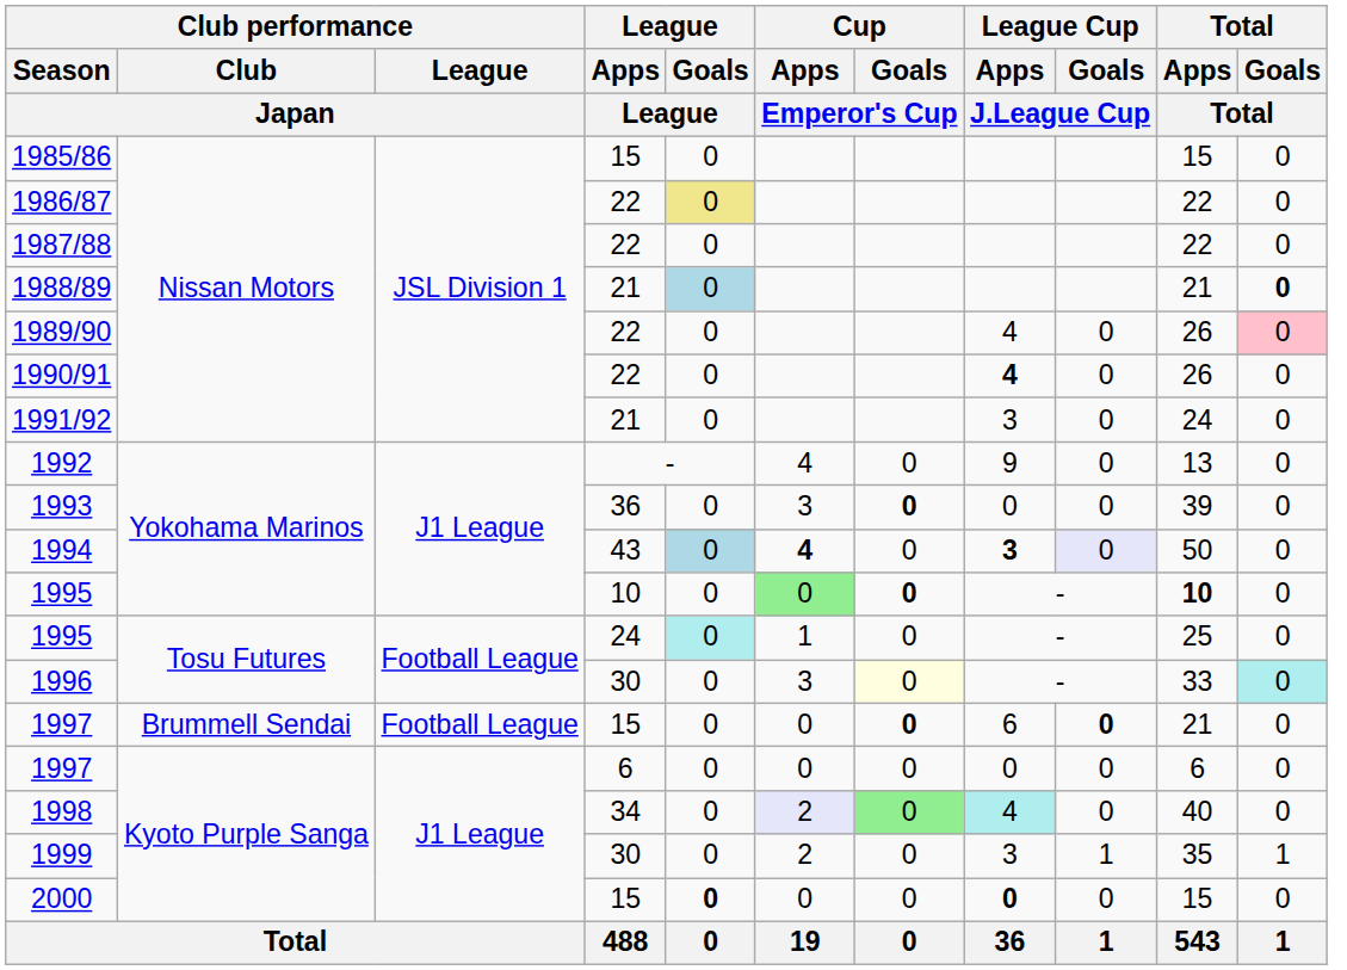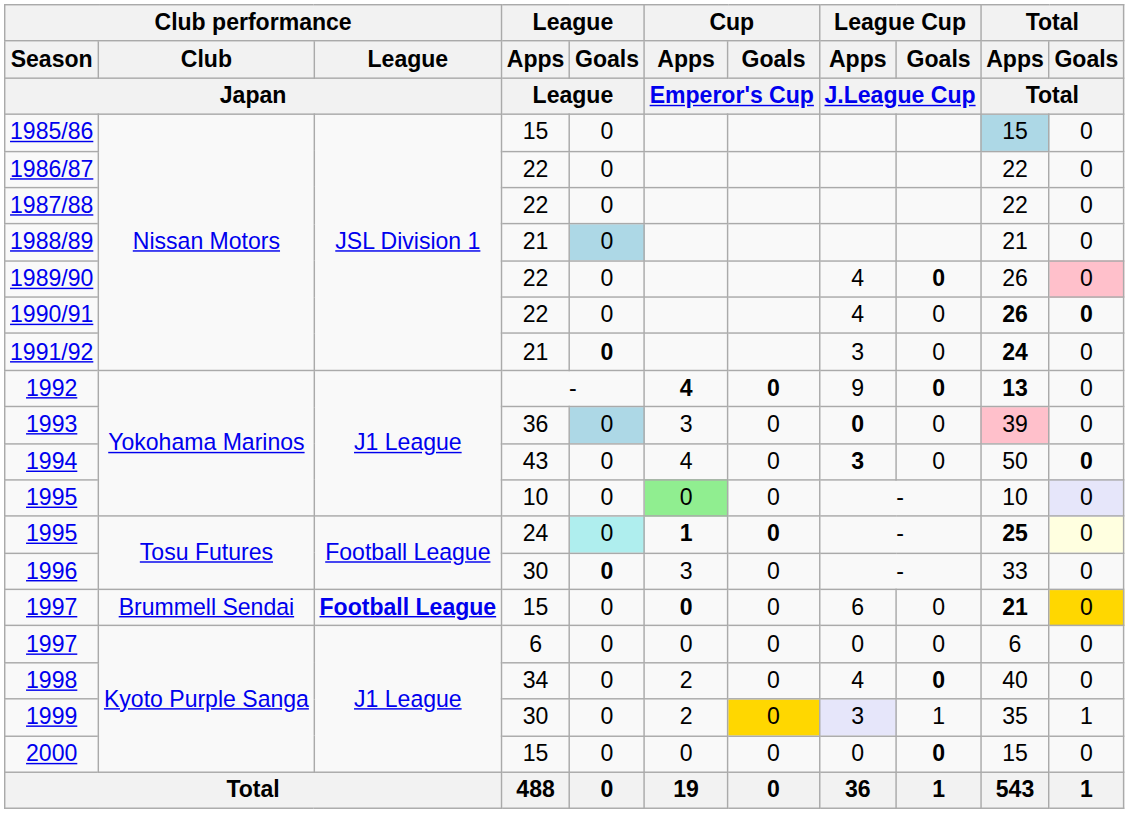 <table class="wikitable" style="text-align:center;">
 <tr>
 <th colspan=3>Club performance</th>
 <th colspan=2>League</th>
 <th colspan=2>Cup</th>
 <th colspan=2>League Cup</th>
 <th colspan=2>Total</th>
 </tr>
 <tr>
 <th>Season</th>
 <th>Club</th>
 <th>League</th>
 <th>Apps</th>
 <th>Goals</th>
 <th>Apps</th>
 <th>Goals</th>
 <th>Apps</th>
 <th>Goals</th>
 <th>Apps</th>
 <th>Goals</th>
 </tr>
 <tr>
 <th colspan=3>Japan</th>
 <th colspan=2>League</th>
 <th colspan=2><a href='#'>Emperor's Cup</a></th>
 <th colspan=2><a href='#'>J.League Cup</a></th>
 <th colspan=2>Total</th>
 </tr>
 <tr>
 <td><a href='#'>1985/86</a></td>
 <td rowspan="7"><a href='#'>Nissan Motors</a></td>
 <td rowspan="7"><a href='#'>JSL Division 1</a></td>
 <td>15</td>
 <td>0</td>
 <td></td>
 <td></td>
 <td></td>
 <td></td>
-<td>15</td>
+<td style="background: lightblue;">15</td>
 <td>0</td>
 </tr>
 <tr>
 <td><a href='#'>1986/87</a></td>
 <td>22</td>
-<td style="background: khaki;">0</td>
+<td>0</td>
 <td></td>
 <td></td>
 <td></td>
 <td></td>
 <td>22</td>
 <td>0</td>
 </tr>
 <tr>
 <td><a href='#'>1987/88</a></td>
 <td>22</td>
 <td>0</td>
 <td></td>
 <td></td>
 <td></td>
 <td></td>
 <td>22</td>
 <td>0</td>
 </tr>
 <tr>
 <td><a href='#'>1988/89</a></td>
 <td>21</td>
 <td style="background: lightblue;">0</td>
 <td></td>
 <td></td>
 <td></td>
 <td></td>
 <td>21</td>
-<td><strong>0</strong></td>
+<td>0</td>
 </tr>
 <tr>
 <td><a href='#'>1989/90</a></td>
 <td>22</td>
 <td>0</td>
 <td></td>
 <td></td>
 <td>4</td>
-<td>0</td>
+<td><strong>0</strong></td>
 <td>26</td>
 <td style="background: pink;">0</td>
 </tr>
 <tr>
 <td><a href='#'>1990/91</a></td>
 <td>22</td>
 <td>0</td>
 <td></td>
 <td></td>
-<td><strong>4</strong></td>
+<td>4</td>
 <td>0</td>
-<td>26</td>
-<td>0</td>
+<td><strong>26</strong></td>
+<td><strong>0</strong></td>
 </tr>
 <tr>
 <td><a href='#'>1991/92</a></td>
 <td>21</td>
-<td>0</td>
+<td><strong>0</strong></td>
 <td></td>
 <td></td>
 <td>3</td>
 <td>0</td>
-<td>24</td>
+<td><strong>24</strong></td>
 <td>0</td>
 </tr>
 <tr>
 <td><a href='#'>1992</a></td>
 <td rowspan="4"><a href='#'>Yokohama Marinos</a></td>
 <td rowspan="4"><a href='#'>J1 League</a></td>
 <td colspan="2">-</td>
-<td>4</td>
-<td>0</td>
+<td><strong>4</strong></td>
+<td><strong>0</strong></td>
 <td>9</td>
-<td>0</td>
-<td>13</td>
+<td><strong>0</strong></td>
+<td><strong>13</strong></td>
 <td>0</td>
 </tr>
 <tr>
 <td><a href='#'>1993</a></td>
 <td>36</td>
+<td style="background: lightblue;">0</td>
+<td>3</td>
 <td>0</td>
-<td>3</td>
 <td><strong>0</strong></td>
 <td>0</td>
-<td>0</td>
-<td>39</td>
+<td style="background: pink;">39</td>
 <td>0</td>
 </tr>
 <tr>
 <td><a href='#'>1994</a></td>
 <td>43</td>
-<td style="background: lightblue;">0</td>
-<td><strong>4</strong></td>
+<td>0</td>
+<td>4</td>
 <td>0</td>
 <td><strong>3</strong></td>
-<td style="background: lavender;">0</td>
+<td>0</td>
 <td>50</td>
-<td>0</td>
+<td><strong>0</strong></td>
 </tr>
 <tr>
 <td><a href='#'>1995</a></td>
 <td>10</td>
 <td>0</td>
 <td style="background: lightgreen;">0</td>
-<td><strong>0</strong></td>
+<td>0</td>
 <td colspan="2">-</td>
-<td><strong>10</strong></td>
-<td>0</td>
+<td>10</td>
+<td style="background: lavender;">0</td>
 </tr>
 <tr>
 <td><a href='#'>1995</a></td>
 <td rowspan="2"><a href='#'>Tosu Futures</a></td>
 <td rowspan="2"><a href='#'>Football League</a></td>
 <td>24</td>
 <td style="background: paleturquoise;">0</td>
-<td>1</td>
-<td>0</td>
+<td><strong>1</strong></td>
+<td><strong>0</strong></td>
 <td colspan="2">-</td>
-<td>25</td>
-<td>0</td>
+<td><strong>25</strong></td>
+<td style="background: lightyellow;">0</td>
 </tr>
 <tr>
 <td><a href='#'>1996</a></td>
 <td>30</td>
+<td><strong>0</strong></td>
+<td>3</td>
 <td>0</td>
-<td>3</td>
-<td style="background: lightyellow;">0</td>
 <td colspan="2">-</td>
 <td>33</td>
-<td style="background: paleturquoise;">0</td>
+<td>0</td>
 </tr>
 <tr>
 <td><a href='#'>1997</a></td>
 <td><a href='#'>Brummell Sendai</a></td>
-<td><a href='#'>Football League</a></td>
+<td><strong><a href='#'>Football League</a></strong></td>
 <td>15</td>
 <td>0</td>
+<td><strong>0</strong></td>
 <td>0</td>
-<td><strong>0</strong></td>
 <td>6</td>
-<td><strong>0</strong></td>
-<td>21</td>
 <td>0</td>
+<td><strong>21</strong></td>
+<td style="background: gold;">0</td>
 </tr>
 <tr>
 <td><a href='#'>1997</a></td>
 <td rowspan="4"><a href='#'>Kyoto Purple Sanga</a></td>
 <td rowspan="4"><a href='#'>J1 League</a></td>
 <td>6</td>
 <td>0</td>
 <td>0</td>
 <td>0</td>
 <td>0</td>
 <td>0</td>
 <td>6</td>
 <td>0</td>
 </tr>
 <tr>
 <td><a href='#'>1998</a></td>
 <td>34</td>
 <td>0</td>
-<td style="background: lavender;">2</td>
-<td style="background: lightgreen;">0</td>
-<td style="background: paleturquoise;">4</td>
+<td>2</td>
 <td>0</td>
+<td>4</td>
+<td><strong>0</strong></td>
 <td>40</td>
 <td>0</td>
 </tr>
 <tr>
 <td><a href='#'>1999</a></td>
 <td>30</td>
 <td>0</td>
 <td>2</td>
-<td>0</td>
-<td>3</td>
+<td style="background: gold;">0</td>
+<td style="background: lavender;">3</td>
 <td>1</td>
 <td>35</td>
 <td>1</td>
 </tr>
 <tr>
 <td><a href='#'>2000</a></td>
 <td>15</td>
-<td><strong>0</strong></td>
+<td>0</td>
+<td>0</td>
 <td>0</td>
 <td>0</td>
 <td><strong>0</strong></td>
-<td>0</td>
 <td>15</td>
 <td>0</td>
 </tr>
 <tr>
 <th colspan=3>Total</th>
 <th>488</th>
 <th>0</th>
 <th>19</th>
 <th>0</th>
 <th>36</th>
 <th>1</th>
 <th>543</th>
 <th>1</th>
 </tr>
 </table>
